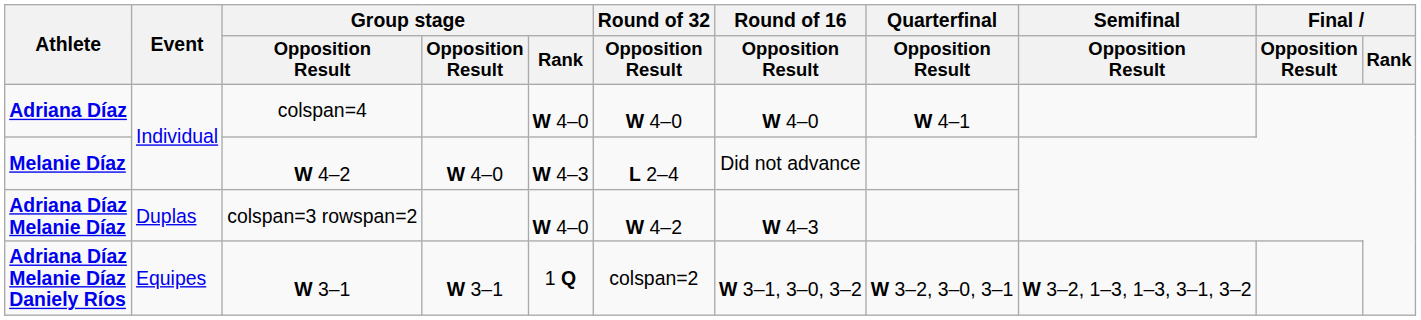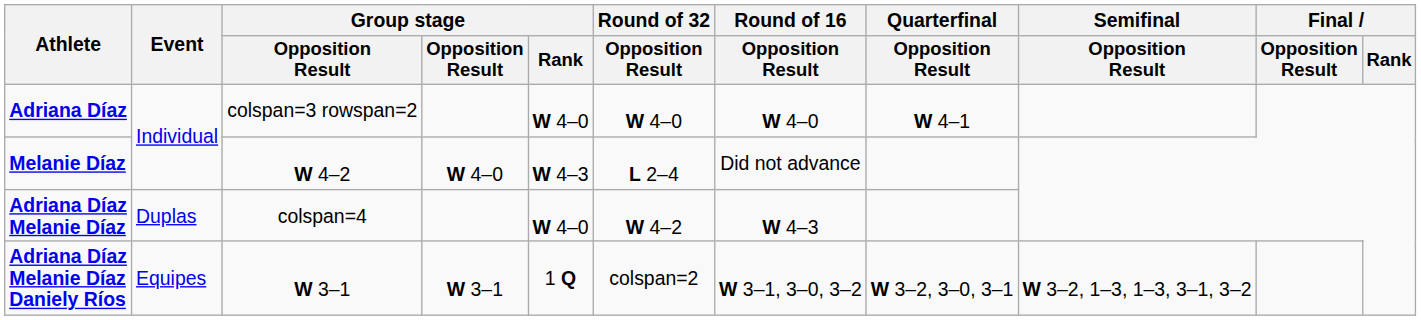 <table class=wikitable style=font-size:90%;text-align:center>
 <tr>
 <th rowspan=2>Athlete</th>
 <th rowspan=2>Event</th>
 <th colspan=3>Group stage</th>
 <th>Round of 32</th>
 <th>Round of 16</th>
 <th>Quarterfinal</th>
 <th>Semifinal</th>
 <th colspan=2>Final / </th>
 </tr>
 <tr style=font-size:95%>
 <th>Opposition<br>Result</th>
 <th>Opposition<br>Result</th>
 <th>Rank</th>
 <th>Opposition<br>Result</th>
 <th>Opposition<br>Result</th>
 <th>Opposition<br>Result</th>
 <th>Opposition<br>Result</th>
 <th>Opposition<br>Result</th>
 <th>Rank</th>
 </tr>
 <tr>
 <td align=left><strong><a href='#'>Adriana Díaz</a></strong></td>
 <td align=left rowspan=2><a href='#'>Individual</a></td>
-<td>colspan=4 </td>
+<td>colspan=3 rowspan=2 </td>
 <td></td>
 <td><br><strong>W</strong> 4–0</td>
 <td><br><strong>W</strong> 4–0</td>
 <td><br><strong>W</strong> 4–0</td>
 <td><br><strong>W</strong> 4–1</td>
 <td></td>
 </tr>
 <tr>
 <td align=left><strong><a href='#'>Melanie Díaz</a></strong></td>
 <td><br><strong>W</strong> 4–2</td>
 <td><br><strong>W</strong> 4–0</td>
 <td><br><strong>W</strong> 4–3</td>
 <td><br><strong>L</strong> 2–4</td>
 <td>Did not advance</td>
 <td></td>
 </tr>
 <tr>
 <td align=left><strong><a href='#'>Adriana Díaz</a><br><a href='#'>Melanie Díaz</a></strong></td>
 <td align=left><a href='#'>Duplas</a></td>
-<td>colspan=3 rowspan=2 </td>
+<td>colspan=4 </td>
 <td></td>
 <td><br><strong>W</strong> 4–0</td>
 <td><br><strong>W</strong> 4–2</td>
 <td><br><strong>W</strong> 4–3</td>
 <td></td>
 </tr>
 <tr>
 <td align=left><strong><a href='#'>Adriana Díaz</a><br><a href='#'>Melanie Díaz</a><br><a href='#'>Daniely Ríos</a></strong></td>
 <td align=left><a href='#'>Equipes</a></td>
 <td><br><strong>W</strong> 3–1</td>
 <td><br><strong>W</strong> 3–1</td>
 <td>1 <strong>Q</strong></td>
 <td>colspan=2 </td>
 <td><br><strong>W</strong> 3–1, 3–0, 3–2</td>
 <td><br><strong>W</strong> 3–2, 3–0, 3–1</td>
 <td><br><strong>W</strong> 3–2, 1–3, 1–3, 3–1, 3–2</td>
 <td></td>
 </tr>
 </table>
